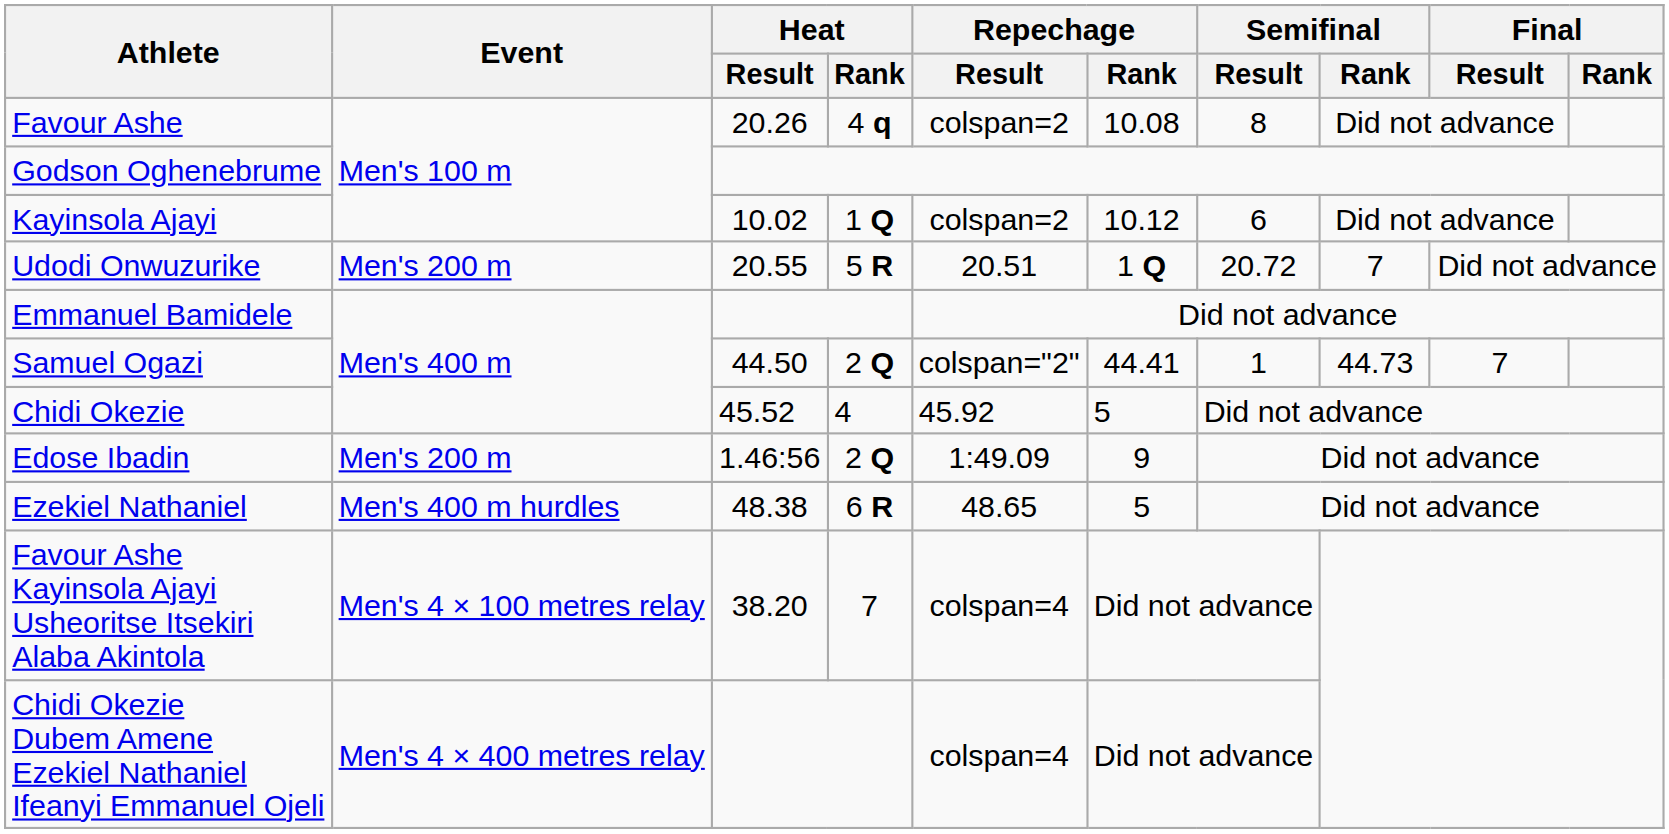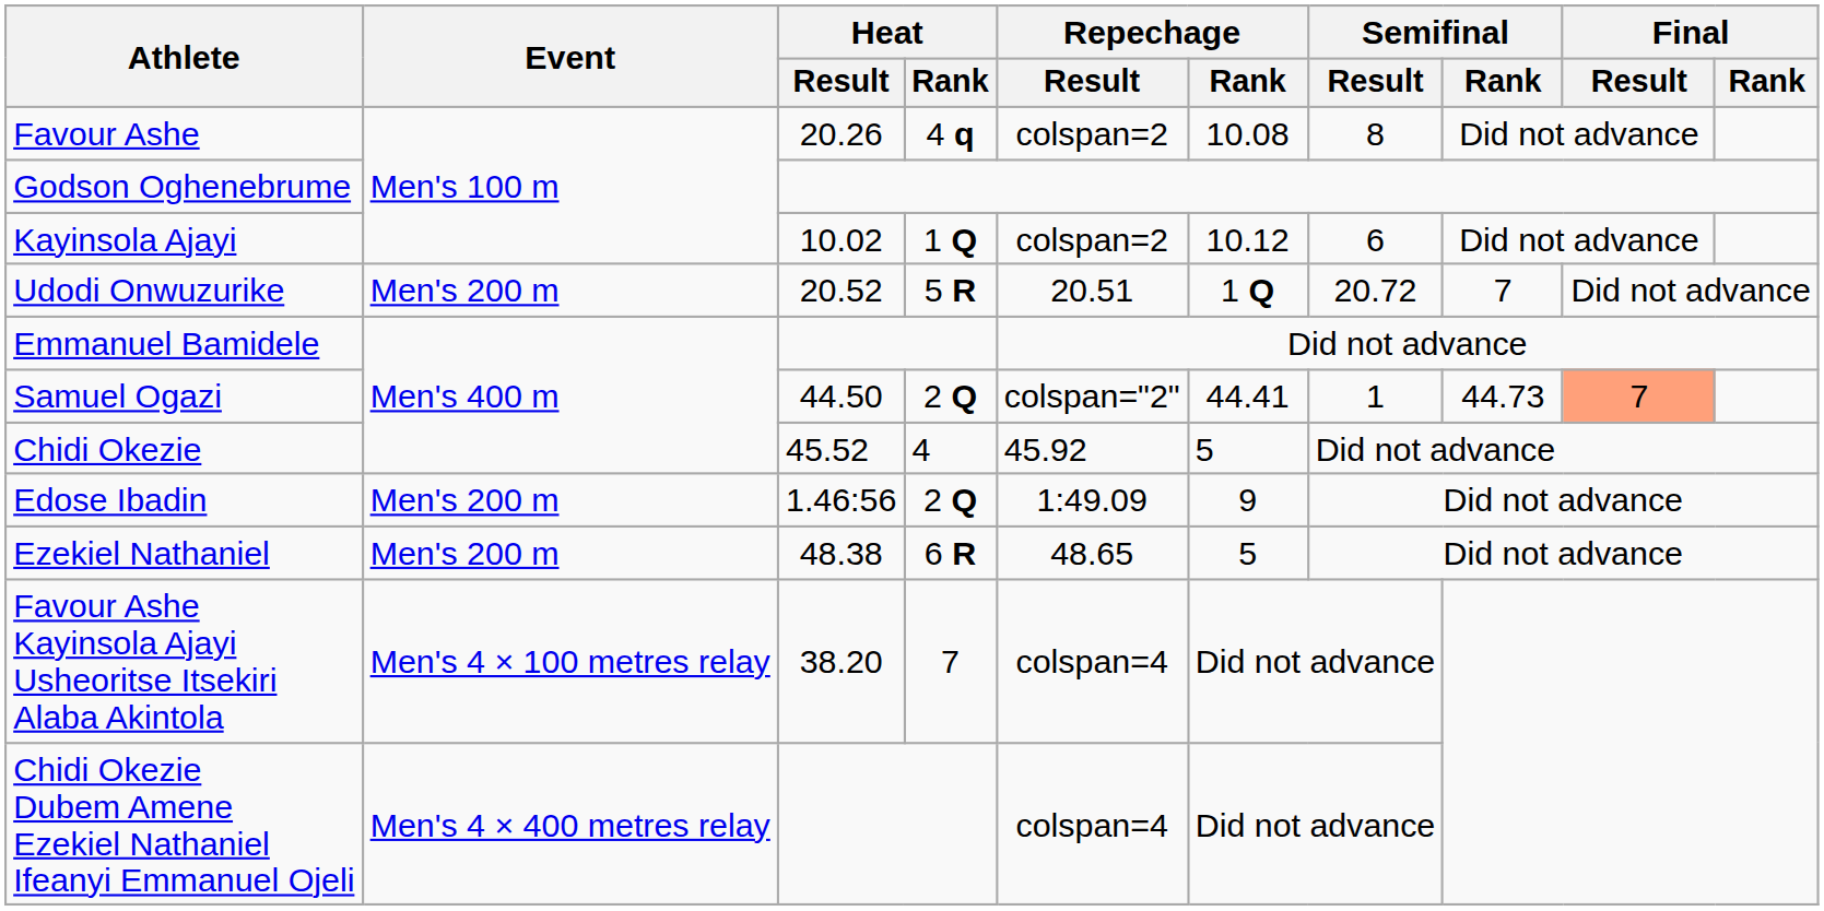 <table class="wikitable" style="font-size:90%">
 <tr>
 <th rowspan="2">Athlete</th>
 <th rowspan="2">Event</th>
 <th colspan="2">Heat</th>
 <th colspan="2">Repechage</th>
 <th colspan="2">Semifinal</th>
 <th colspan="2">Final</th>
 </tr>
 <tr style="font-size:95%">
 <th>Result</th>
 <th>Rank</th>
 <th>Result</th>
 <th>Rank</th>
 <th>Result</th>
 <th>Rank</th>
 <th>Result</th>
 <th>Rank</th>
 </tr>
 <tr align=center>
 <td align=left><a href='#'>Favour Ashe</a></td>
 <td align=left rowspan=3><a href='#'>Men's 100 m</a></td>
 <td>20.26</td>
 <td>4 <strong>q</strong></td>
 <td>colspan=2 </td>
 <td>10.08</td>
 <td>8</td>
 <td colspan="2">Did not advance</td>
 </tr>
 <tr align=center>
 <td align=left><a href='#'>Godson Oghenebrume</a></td>
 <td colspan=8></td>
 </tr>
 <tr align=center>
 <td align=left><a href='#'>Kayinsola Ajayi</a></td>
 <td>10.02</td>
 <td>1 <strong>Q</strong></td>
 <td>colspan=2 </td>
 <td>10.12</td>
 <td>6</td>
 <td colspan="2">Did not advance</td>
 </tr>
 <tr align=center>
 <td align=left><a href='#'>Udodi Onwuzurike</a></td>
 <td align=left><a href='#'>Men's 200 m</a></td>
-<td>20.55</td>
+<td>20.52</td>
 <td>5 <strong>R</strong></td>
 <td>20.51</td>
 <td>1 <strong>Q</strong></td>
 <td>20.72</td>
 <td>7</td>
 <td colspan=2>Did not advance</td>
 </tr>
 <tr align=center>
 <td align=left><a href='#'>Emmanuel Bamidele</a></td>
 <td align=left rowspan=3><a href='#'>Men's 400 m</a></td>
 <td colspan=2></td>
 <td colspan="6">Did not advance</td>
 </tr>
 <tr align=center>
 <td align=left><a href='#'>Samuel Ogazi</a></td>
 <td>44.50</td>
 <td>2 <strong>Q</strong></td>
 <td>colspan="2" </td>
 <td>44.41</td>
 <td>1</td>
 <td>44.73</td>
-<td>7</td>
+<td style="background: lightsalmon;">7</td>
 </tr>
 <tr>
 <td align=left><a href='#'>Chidi Okezie</a></td>
 <td>45.52</td>
 <td>4</td>
 <td>45.92</td>
 <td>5</td>
 <td colspan="4">Did not advance</td>
 </tr>
 <tr align=center>
 <td align=left><a href='#'>Edose Ibadin</a></td>
 <td align=left><a href='#'>Men's 200 m</a></td>
 <td>1.46:56</td>
 <td>2 <strong>Q</strong></td>
 <td>1:49.09</td>
 <td>9</td>
 <td colspan=4>Did not advance</td>
 </tr>
 <tr align=center>
 <td align=left><a href='#'>Ezekiel Nathaniel</a></td>
-<td align=left><a href='#'>Men's 400 m hurdles</a></td>
+<td align=left><a href='#'>Men's 200 m</a></td>
 <td>48.38</td>
 <td>6 <strong>R</strong></td>
 <td>48.65</td>
 <td>5</td>
 <td colspan="4">Did not advance</td>
 </tr>
 <tr align=center>
 <td align=left><a href='#'>Favour Ashe</a><br><a href='#'>Kayinsola Ajayi</a> <br><a href='#'>Usheoritse Itsekiri</a><br><a href='#'>Alaba Akintola</a></td>
 <td align=left><a href='#'>Men's 4 × 100 metres relay</a></td>
 <td>38.20</td>
 <td>7</td>
 <td>colspan=4 </td>
 <td colspan=2>Did not advance</td>
 </tr>
 <tr align=center>
 <td align=left><a href='#'>Chidi Okezie</a><br><a href='#'>Dubem Amene</a><br><a href='#'>Ezekiel Nathaniel</a> <br><a href='#'>Ifeanyi Emmanuel Ojeli</a></td>
 <td align=left><a href='#'>Men's 4 × 400 metres relay</a></td>
 <td colspan=2></td>
 <td>colspan=4 </td>
 <td colspan=2>Did not advance</td>
 </tr>
 </table>
